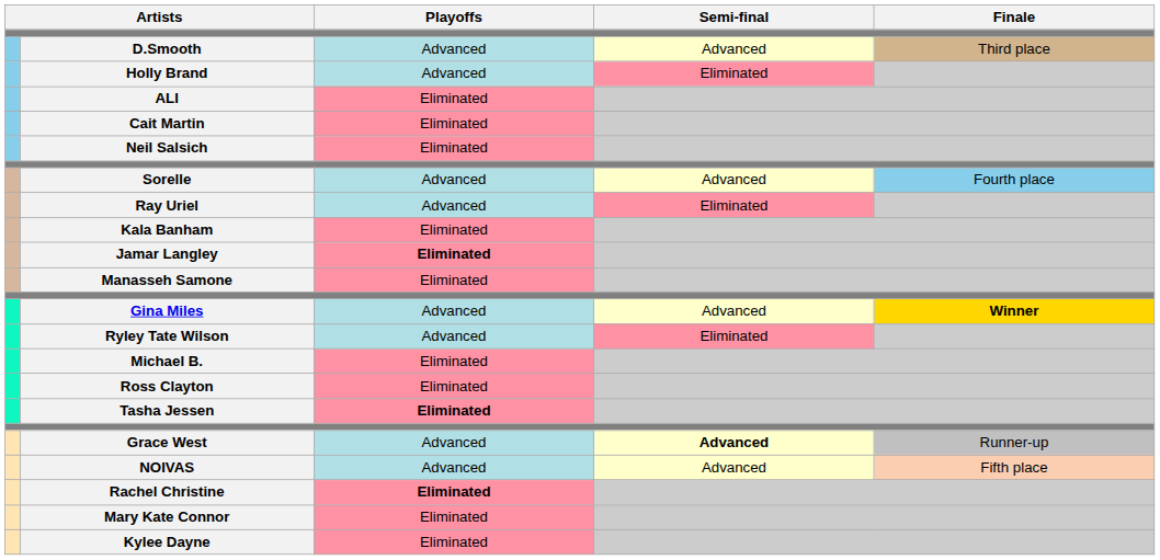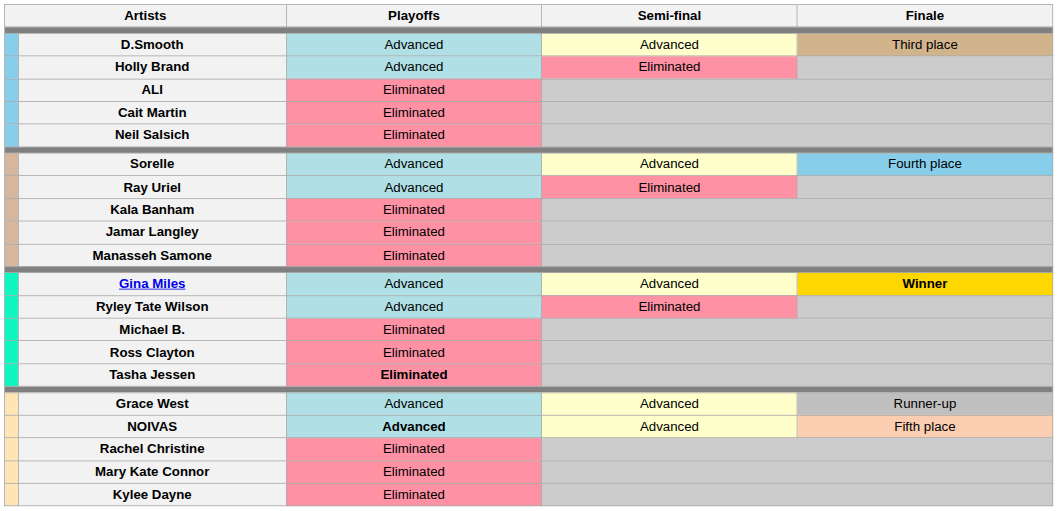 <table class="wikitable" style="text-align:center; line-height:20px; width:100%">
 <tr>
 <th colspan="2" width="11%">Artists</th>
 <th style="width:10%">Playoffs</th>
 <th style="width:10%">Semi-final</th>
 <th style="width:10%">Finale</th>
 </tr>
 <tr>
 <th colspan="6" style="background:gray"></th>
 </tr>
 <tr>
 <th style="background:#87ceeb"></th>
 <th scope="row">D.Smooth</th>
 <td style="background:#b0e0e6">Advanced</td>
 <td style="background:#FFFFCC">Advanced</td>
 <td style="background:tan">Third place</td>
 </tr>
 <tr>
 <th style="background:#87ceeb"></th>
 <th scope="row">Holly Brand</th>
 <td style="background:#b0e0e6">Advanced</td>
 <td style="background:#FF91A4">Eliminated</td>
 <td style="background:#ccc"></td>
 </tr>
 <tr>
 <th style="background:#87ceeb"></th>
 <th scope="row">ALI</th>
 <td style="background:#FF91A4">Eliminated</td>
 <td colspan="2" style="background:#ccc"></td>
 </tr>
 <tr>
 <th style="background:#87ceeb"></th>
 <th scope="row">Cait Martin</th>
 <td style="background:#FF91A4">Eliminated</td>
 <td colspan="2" style="background:#ccc"></td>
 </tr>
 <tr>
 <th style="background:#87ceeb"></th>
 <th scope="row">Neil Salsich</th>
 <td style="background:#FF91A4">Eliminated</td>
 <td colspan="2" style="background:#ccc"></td>
 </tr>
 <tr>
 <th colspan="6" style="background:gray"></th>
 </tr>
 <tr>
 <th style="background:#d6b69c"></th>
 <th scope="row">Sorelle</th>
 <td style="background:#b0e0e6">Advanced</td>
 <td style="background:#FFFFCC">Advanced</td>
 <td style="background:skyblue">Fourth place</td>
 </tr>
 <tr>
 <th style="background:#d6b69c"></th>
 <th scope="row">Ray Uriel</th>
 <td style="background:#b0e0e6">Advanced</td>
 <td style="background:#FF91A4">Eliminated</td>
 <td style="background:#ccc"></td>
 </tr>
 <tr>
 <th style="background:#d6b69c"></th>
 <th scope="row">Kala Banham</th>
 <td style="background:#FF91A4">Eliminated</td>
 <td colspan="3" style="background:#ccc"></td>
 </tr>
 <tr>
 <th style="background:#d6b69c"></th>
 <th scope="row">Jamar Langley</th>
-<td style="background:#FF91A4"><strong>Eliminated</strong></td>
+<td style="background:#FF91A4">Eliminated</td>
 <td colspan="3" style="background:#ccc"></td>
 </tr>
 <tr>
 <th style="background:#d6b69c"></th>
 <th scope="row">Manasseh Samone</th>
 <td style="background:#FF91A4">Eliminated</td>
 <td colspan="3" style="background:#ccc"></td>
 </tr>
 <tr>
 <th colspan="6" style="background:gray"></th>
 </tr>
 <tr>
 <th style="background:#0FF7C0"></th>
 <th scope="row"><a href='#'>Gina Miles</a></th>
 <td style="background:#b0e0e6">Advanced</td>
 <td style="background:#FFFFCC">Advanced</td>
 <td style="background:gold"><strong>Winner</strong></td>
 </tr>
 <tr>
 <th style="background:#0FF7C0"></th>
 <th scope="row">Ryley Tate Wilson</th>
 <td style="background:#b0e0e6">Advanced</td>
 <td style="background:#FF91A4">Eliminated</td>
 <td style="background:#ccc"></td>
 </tr>
 <tr>
 <th style="background:#0FF7C0"></th>
 <th scope="row">Michael B.</th>
 <td style="background:#FF91A4">Eliminated</td>
 <td colspan="2" style="background:#ccc"></td>
 </tr>
 <tr>
 <th style="background:#0FF7C0"></th>
 <th scope="row">Ross Clayton</th>
 <td style="background:#FF91A4">Eliminated</td>
 <td colspan="2" style="background:#ccc"></td>
 </tr>
 <tr>
 <th style="background:#0FF7C0"></th>
 <th scope="row">Tasha Jessen</th>
 <td style="background:#FF91A4"><strong>Eliminated</strong></td>
 <td colspan="2" style="background:#ccc"></td>
 </tr>
 <tr>
 <th colspan="6" style="background:gray"></th>
 </tr>
 <tr>
 <th style="background:#ffe5b4"></th>
 <th scope="row">Grace West</th>
 <td style="background:#b0e0e6">Advanced</td>
-<td style="background:#FFFFCC"><strong>Advanced</strong></td>
+<td style="background:#FFFFCC">Advanced</td>
 <td style="background:silver">Runner-up</td>
 </tr>
 <tr>
 <th style="background:#ffe5b4"></th>
 <th scope="row">NOIVAS</th>
-<td style="background:#b0e0e6">Advanced</td>
+<td style="background:#b0e0e6"><strong>Advanced</strong></td>
 <td style="background:#FFFFCC">Advanced</td>
 <td style="background:#fbceb1">Fifth place</td>
 </tr>
 <tr>
 <th style="background:#ffe5b4"></th>
 <th scope="row">Rachel Christine</th>
-<td style="background:#FF91A4"><strong>Eliminated</strong></td>
+<td style="background:#FF91A4">Eliminated</td>
 <td colspan="3" style="background:#ccc"></td>
 </tr>
 <tr>
 <th style="background:#ffe5b4"></th>
 <th scope="row">Mary Kate Connor</th>
 <td style="background:#FF91A4">Eliminated</td>
 <td colspan="3" style="background:#ccc"></td>
 </tr>
 <tr>
 <th style="background:#ffe5b4"></th>
 <th scope="row">Kylee Dayne</th>
 <td style="background:#FF91A4">Eliminated</td>
 <td colspan="3" style="background:#ccc"></td>
 </tr>
 </table>
